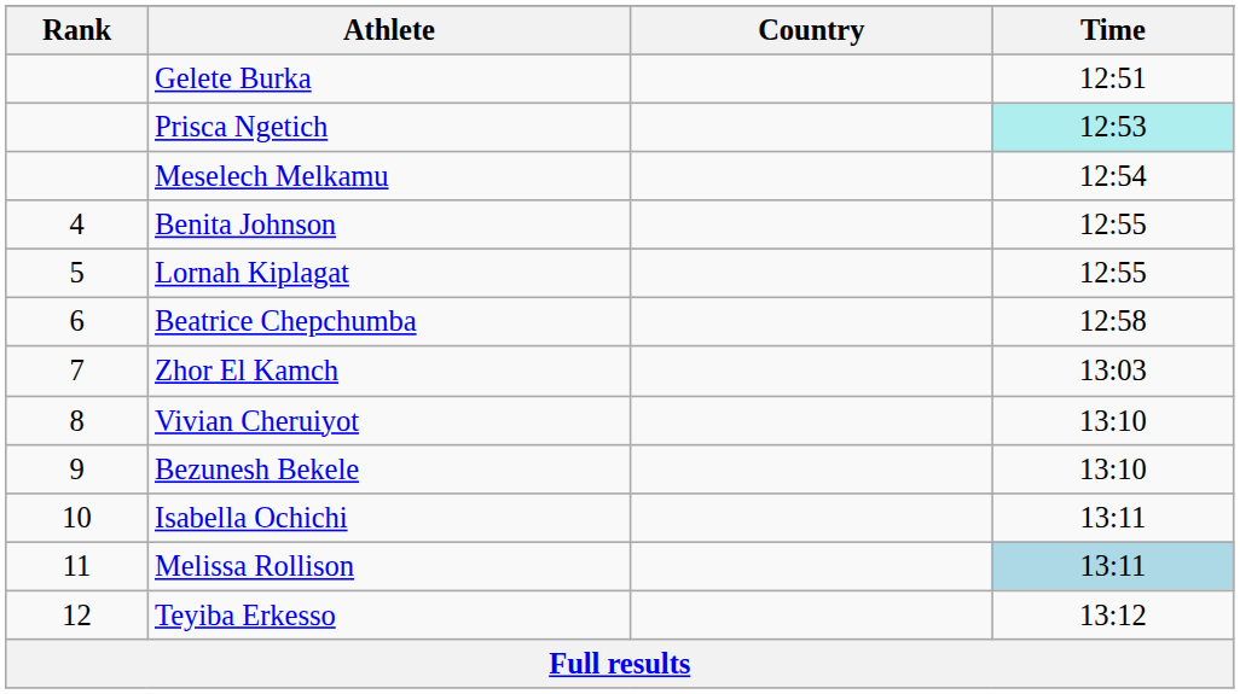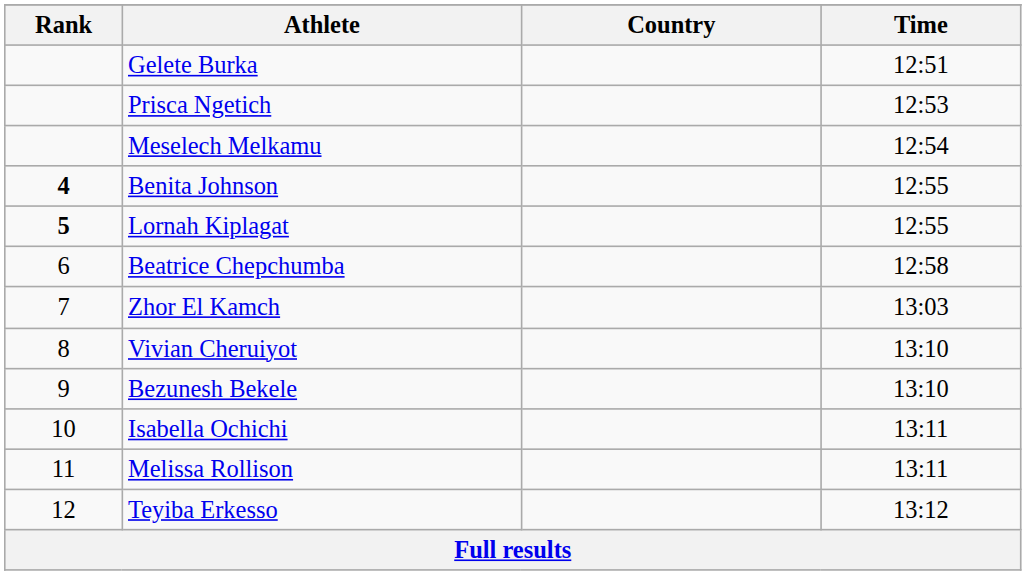 <table class="wikitable sortable" style=" text-align:center; font-size:95%;" width="50%">
 <tr>
 </tr>
 <tr>
 <th width=5%>Rank</th>
 <th width=20%>Athlete</th>
 <th width=15%>Country</th>
 <th width=10%>Time</th>
 </tr>
 <tr>
 <td align=center></td>
 <td align=left><a href='#'>Gelete Burka</a></td>
 <td align=left></td>
 <td>12:51</td>
 </tr>
 <tr>
 <td align=center></td>
 <td align=left><a href='#'>Prisca Ngetich</a></td>
 <td align=left></td>
-<td style="background: paleturquoise;">12:53</td>
+<td>12:53</td>
 </tr>
 <tr>
 <td align=center></td>
 <td align=left><a href='#'>Meselech Melkamu</a></td>
 <td align=left></td>
 <td>12:54</td>
 </tr>
 <tr>
-<td align=center>4</td>
+<td align=center><strong>4</strong></td>
 <td align=left><a href='#'>Benita Johnson</a></td>
 <td align=left></td>
 <td>12:55</td>
 </tr>
 <tr>
-<td align=center>5</td>
+<td align=center><strong>5</strong></td>
 <td align=left><a href='#'>Lornah Kiplagat</a></td>
 <td align=left></td>
 <td>12:55</td>
 </tr>
 <tr>
 <td align=center>6</td>
 <td align=left><a href='#'>Beatrice Chepchumba</a></td>
 <td align=left></td>
 <td>12:58</td>
 </tr>
 <tr>
 <td align=center>7</td>
 <td align=left><a href='#'>Zhor El Kamch</a></td>
 <td align=left></td>
 <td>13:03</td>
 </tr>
 <tr>
 <td align=center>8</td>
 <td align=left><a href='#'>Vivian Cheruiyot</a></td>
 <td align=left></td>
 <td>13:10</td>
 </tr>
 <tr>
 <td align=center>9</td>
 <td align=left><a href='#'>Bezunesh Bekele</a></td>
 <td align=left></td>
 <td>13:10</td>
 </tr>
 <tr>
 <td align=center>10</td>
 <td align=left><a href='#'>Isabella Ochichi</a></td>
 <td align=left></td>
 <td>13:11</td>
 </tr>
 <tr>
 <td align=center>11</td>
 <td align=left><a href='#'>Melissa Rollison</a></td>
 <td align=left></td>
-<td style="background: lightblue;">13:11</td>
+<td>13:11</td>
 </tr>
 <tr>
 <td align=center>12</td>
 <td align=left><a href='#'>Teyiba Erkesso</a></td>
 <td align=left></td>
 <td>13:12</td>
 </tr>
 <tr class="sortbottom">
 <th colspan=4 align=center><a href='#'>Full results</a></th>
 </tr>
 </table>
